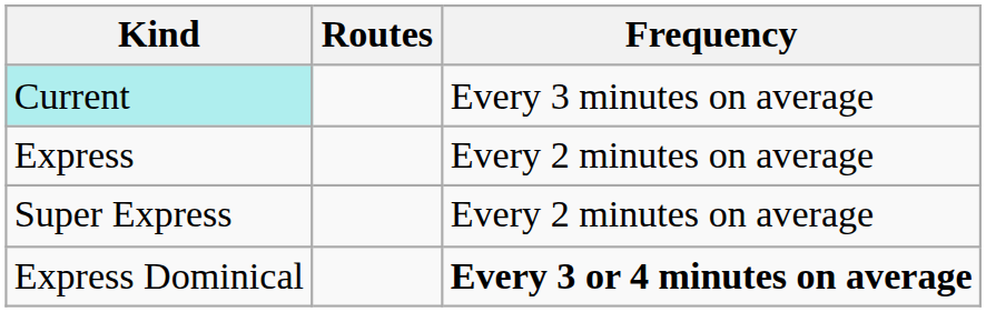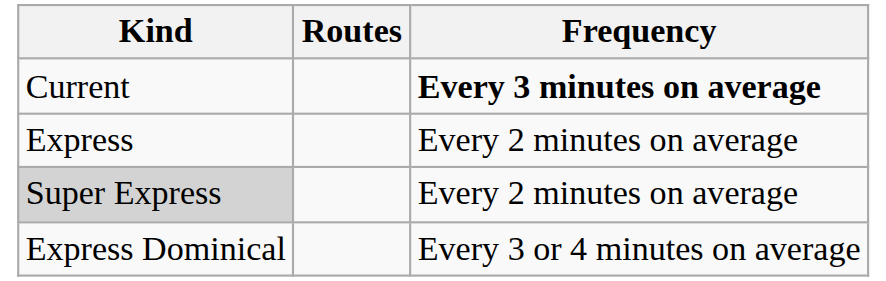 <table class="wikitable" style="margin-left: auto; margin-right: auto; border: none;">
 <tr>
 <th>Kind</th>
 <th>Routes</th>
 <th>Frequency</th>
 </tr>
 <tr>
-<td style="background: paleturquoise;">Current</td>
+<td>Current</td>
 <td>  </td>
-<td>Every 3 minutes on average</td>
+<td><strong>Every 3 minutes on average</strong></td>
 </tr>
 <tr>
 <td>Express</td>
 <td></td>
 <td>Every 2 minutes on average</td>
 </tr>
 <tr>
-<td>Super Express</td>
+<td style="background: lightgrey;">Super Express</td>
 <td>   </td>
 <td>Every 2 minutes on average</td>
 </tr>
 <tr>
 <td>Express Dominical</td>
 <td></td>
-<td><strong>Every 3 or 4 minutes on average</strong></td>
+<td>Every 3 or 4 minutes on average</td>
 </tr>
 </table>
